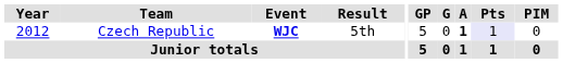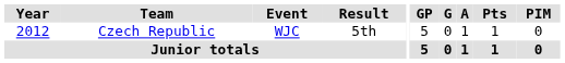 <table border="0" cellpadding="1" cellspacing="0" ID="Table3" style="text-align:center; width:40em">
 <tr ALIGN="center" bgcolor="#e0e0e0">
 <th>Year</th>
 <th>Team</th>
 <th>Event</th>
 <th>Result</th>
 <th rowspan="99" bgcolor="#ffffff"></th>
 <th>GP</th>
 <th>G</th>
 <th>A</th>
 <th>Pts</th>
 <th>PIM</th>
 </tr>
 <tr>
 <td><a href='#'>2012</a></td>
 <td><a href='#'>Czech Republic</a></td>
-<td><strong><a href='#'>WJC</a></strong></td>
+<td><a href='#'>WJC</a></td>
 <td>5th</td>
 <td>5</td>
 <td>0</td>
-<td><strong>1</strong></td>
-<td style="background: lavender;">1</td>
+<td>1</td>
+<td>1</td>
 <td>0</td>
 </tr>
 <tr bgcolor="#e0e0e0">
 <th colspan="4">Junior totals</th>
 <th>5</th>
 <th>0</th>
 <th>1</th>
 <th>1</th>
 <th>0</th>
 </tr>
 </table>
